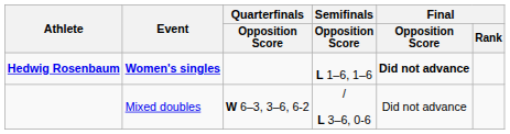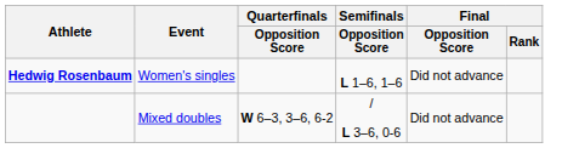 <table class=wikitable style=font-size:90%;text-align:center>
 <tr>
 <th rowspan=2>Athlete</th>
 <th rowspan=2>Event</th>
 <th>Quarterfinals</th>
 <th>Semifinals</th>
 <th colspan=2>Final</th>
 </tr>
 <tr style=font-size:95%>
 <th>Opposition<br>Score</th>
 <th>Opposition<br>Score</th>
 <th>Opposition<br>Score</th>
 <th>Rank</th>
 </tr>
 <tr>
 <td align=left><strong><a href='#'>Hedwig Rosenbaum</a></strong></td>
-<td align=left><strong><a href='#'>Women's singles</a></strong></td>
+<td align=left><a href='#'>Women's singles</a></td>
 <td></td>
 <td><br><strong>L</strong> 1–6, 1–6</td>
-<td><strong>Did not advance</strong></td>
+<td>Did not advance</td>
 <td></td>
 </tr>
 <tr>
 <td align=left><strong></strong><br></td>
 <td align=left><a href='#'>Mixed doubles</a></td>
 <td> <strong>W</strong> 6–3, 3–6, 6-2</td>
 <td> /<br><br> <strong>L</strong> 3–6, 0-6</td>
 <td>Did not advance</td>
 <td></td>
 </tr>
 </table>
